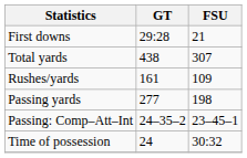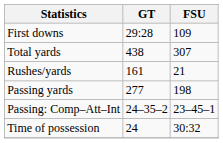 <table class="wikitable" style="float: left;">
 <tr>
 <th>Statistics</th>
 <th>GT</th>
 <th>FSU</th>
 </tr>
 <tr>
 <td>First downs</td>
 <td>29:28</td>
-<td>21</td>
+<td>109</td>
 </tr>
 <tr>
 <td>Total yards</td>
 <td>438</td>
 <td>307</td>
 </tr>
 <tr>
 <td>Rushes/yards</td>
 <td>161</td>
-<td>109</td>
+<td>21</td>
 </tr>
 <tr>
 <td>Passing yards</td>
 <td>277</td>
 <td>198</td>
 </tr>
 <tr>
 <td>Passing: Comp–Att–Int</td>
 <td>24–35–2</td>
 <td>23–45–1</td>
 </tr>
 <tr>
 <td>Time of possession</td>
 <td>24</td>
 <td>30:32</td>
 </tr>
 <tr>
 </tr>
 </table>
